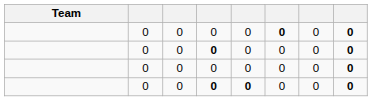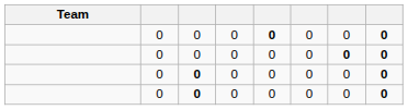 <table class="wikitable" style="text-align:center;">
 <tr>
 <th width=165>Team</th>
 <th width=40></th>
 <th width=40></th>
 <th width=40></th>
 <th width=40></th>
 <th width=40></th>
 <th width=40></th>
 <th width=40></th>
 </tr>
 <tr style="background:#">
 <td style="text-align:left;"></td>
 <td>0</td>
 <td>0</td>
 <td>0</td>
-<td>0</td>
 <td><strong>0</strong></td>
-<td>0</td>
-<td><strong>0</strong></td>
-</tr>
-<tr style="background:#">
-<td style="text-align:left;"></td>
-<td>0</td>
-<td>0</td>
-<td><strong>0</strong></td>
-<td>0</td>
 <td>0</td>
 <td>0</td>
 <td><strong>0</strong></td>
 </tr>
 <tr style="background:#">
 <td style="text-align:left;"></td>
 <td>0</td>
 <td>0</td>
 <td>0</td>
 <td>0</td>
 <td>0</td>
+<td><strong>0</strong></td>
+<td><strong>0</strong></td>
+</tr>
+<tr style="background:#">
+<td style="text-align:left;"></td>
+<td>0</td>
+<td><strong>0</strong></td>
+<td>0</td>
+<td>0</td>
+<td>0</td>
 <td>0</td>
 <td><strong>0</strong></td>
 </tr>
 <tr style="background:#">
 <td style="text-align:left;"></td>
 <td>0</td>
+<td><strong>0</strong></td>
 <td>0</td>
-<td><strong>0</strong></td>
-<td><strong>0</strong></td>
+<td>0</td>
 <td>0</td>
 <td>0</td>
 <td><strong>0</strong></td>
 </tr>
 </table>
